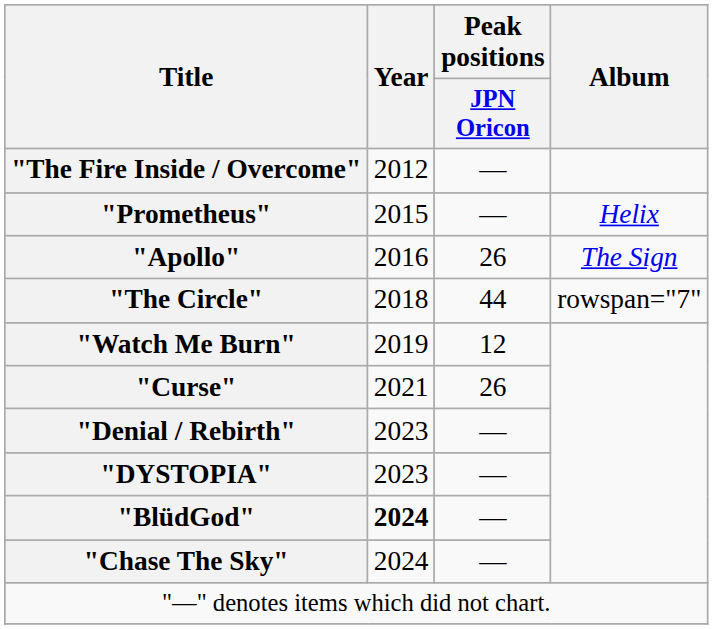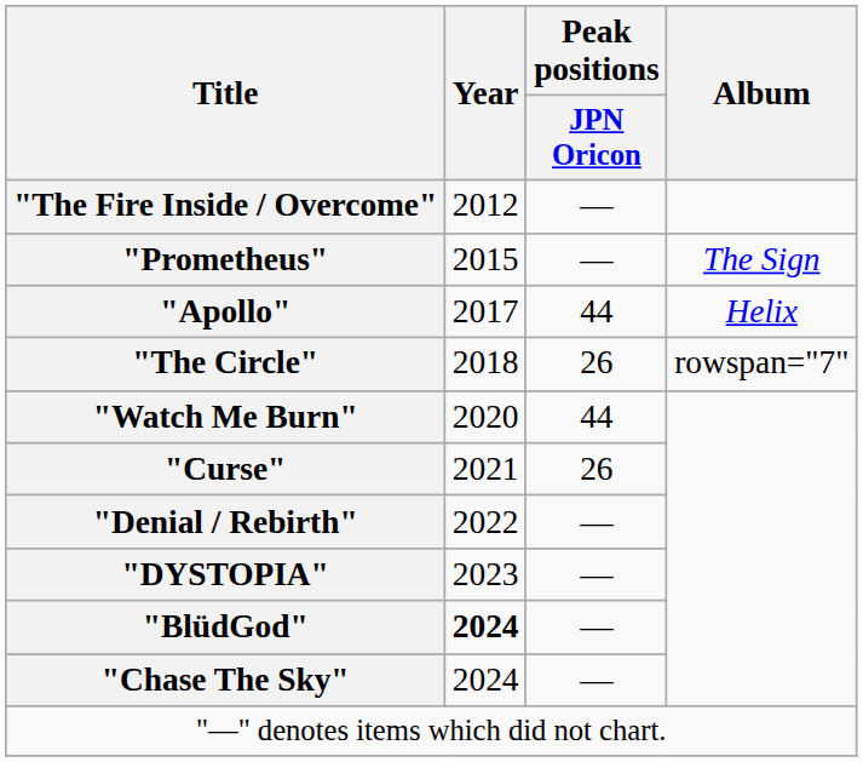 <table class="wikitable plainrowheaders" style="text-align:center;">
 <tr>
 <th rowspan="2">Title</th>
 <th rowspan="2">Year</th>
 <th colspan="1">Peak positions</th>
 <th rowspan="2">Album</th>
 </tr>
 <tr>
 <th scope="col" style="width:4em;font-size:90%;"><a href='#'>JPN<br>Oricon</a><br></th>
 </tr>
 <tr>
 <th scope="row">"The Fire Inside / Overcome"</th>
 <td>2012</td>
 <td>—</td>
 <td></td>
 </tr>
 <tr>
 <th scope="row">"Prometheus"</th>
 <td>2015</td>
 <td>—</td>
-<td><em><a href='#'>Helix</a></em></td>
+<td><em><a href='#'>The Sign</a></em></td>
 </tr>
 <tr>
 <th scope="row">"Apollo"</th>
-<td>2016</td>
-<td>26</td>
-<td><em><a href='#'>The Sign</a></em></td>
+<td>2017</td>
+<td>44</td>
+<td><em><a href='#'>Helix</a></em></td>
 </tr>
 <tr>
 <th scope="row">"The Circle"</th>
 <td>2018</td>
-<td>44</td>
+<td>26</td>
 <td>rowspan="7" </td>
 </tr>
 <tr>
 <th scope="row">"Watch Me Burn"</th>
-<td>2019</td>
-<td>12</td>
+<td>2020</td>
+<td>44</td>
 </tr>
 <tr>
 <th scope="row">"Curse"</th>
 <td>2021</td>
 <td>26</td>
 </tr>
 <tr>
 <th scope="row">"Denial / Rebirth"</th>
-<td>2023</td>
+<td>2022</td>
 <td>—</td>
 </tr>
 <tr>
 <th scope="row">"DYSTOPIA"</th>
 <td>2023</td>
 <td>—</td>
 </tr>
 <tr>
 <th scope="row">"BlüdGod"</th>
 <td><strong>2024</strong></td>
 <td>—</td>
 </tr>
 <tr>
 <th scope="row">"Chase The Sky"</th>
 <td>2024</td>
 <td>—</td>
 </tr>
 <tr>
 <td colspan="12" align="center" style="font-size:90%;">"—" denotes items which did not chart.</td>
 </tr>
 </table>
